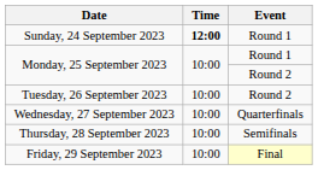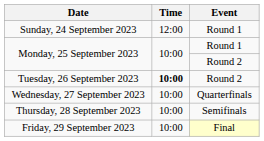 <table class = "wikitable" style="text-align:center;">
 <tr>
 <th width=220>Date</th>
 <th width=50>Time</th>
 <th width=100>Event</th>
 </tr>
 <tr>
 <td>Sunday, 24 September 2023</td>
-<td><strong>12:00</strong></td>
+<td>12:00</td>
 <td>Round 1</td>
 </tr>
 <tr>
 <td rowspan=2>Monday, 25 September 2023</td>
 <td rowspan=2>10:00</td>
 <td>Round 1</td>
 </tr>
 <tr>
 <td>Round 2</td>
 </tr>
 <tr>
 <td>Tuesday, 26 September 2023</td>
-<td>10:00</td>
+<td><strong>10:00</strong></td>
 <td>Round 2</td>
 </tr>
 <tr>
 <td>Wednesday, 27 September 2023</td>
 <td>10:00</td>
 <td>Quarterfinals</td>
 </tr>
 <tr>
 <td>Thursday, 28 September 2023</td>
 <td>10:00</td>
 <td>Semifinals</td>
 </tr>
 <tr>
 <td>Friday, 29 September 2023</td>
 <td>10:00</td>
 <td bgcolor=ffffcc>Final</td>
 </tr>
 </table>
